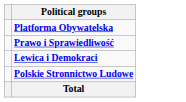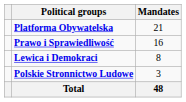 <table class="wikitable">
 <tr>
 <th width=5></th>
 <th>Political groups</th>
+<th>Mandates</th>
 </tr>
 <tr>
 <td style="background:"></td>
 <td><strong><a href='#'>Platforma Obywatelska</a></strong></td>
+<td align="center">21</td>
 </tr>
 <tr>
 <td style="background:"></td>
 <td><strong><a href='#'>Prawo i Sprawiedliwość</a></strong></td>
+<td align="center">16</td>
 </tr>
 <tr>
 <td style="background:"></td>
 <td><strong><a href='#'>Lewica i Demokraci</a></strong></td>
+<td align="center">8</td>
 </tr>
 <tr>
 <td style="background:"></td>
 <td><strong><a href='#'>Polskie Stronnictwo Ludowe</a></strong></td>
+<td align="center">3</td>
 </tr>
 <tr bgcolor="#ececec">
 <th></th>
 <th>Total</th>
+<th align="center">48</th>
 </tr>
 </table>
